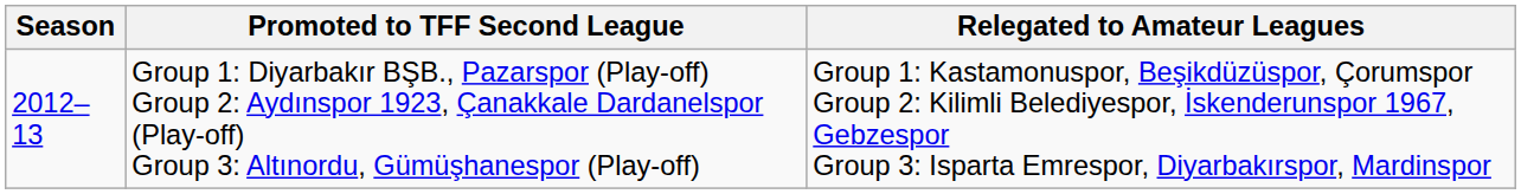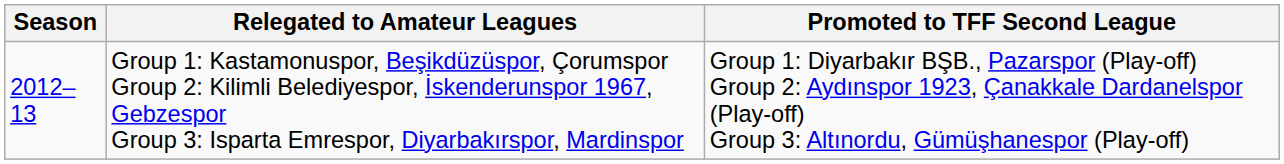 <table class="wikitable">
 <tr>
 <th>Season</th>
+<th>Relegated to Amateur Leagues</th>
 <th>Promoted to TFF Second League</th>
-<th>Relegated to Amateur Leagues</th>
 </tr>
 <tr>
 <td><a href='#'>2012–13</a></td>
+<td>Group 1: Kastamonuspor, <a href='#'>Beşikdüzüspor</a>, Çorumspor<br>Group 2: Kilimli Belediyespor, <a href='#'>İskenderunspor 1967</a>, <a href='#'>Gebzespor</a><br>Group 3: Isparta Emrespor, <a href='#'>Diyarbakırspor</a>, <a href='#'>Mardinspor</a></td>
 <td>Group 1: Diyarbakır BŞB.,  <a href='#'>Pazarspor</a> (Play-off) <br>Group 2: <a href='#'>Aydınspor 1923</a>, <a href='#'>Çanakkale Dardanelspor</a> (Play-off)<br>Group 3: <a href='#'>Altınordu</a>, <a href='#'>Gümüşhanespor</a> (Play-off)</td>
-<td>Group 1: Kastamonuspor, <a href='#'>Beşikdüzüspor</a>, Çorumspor<br>Group 2: Kilimli Belediyespor, <a href='#'>İskenderunspor 1967</a>, <a href='#'>Gebzespor</a><br>Group 3: Isparta Emrespor, <a href='#'>Diyarbakırspor</a>, <a href='#'>Mardinspor</a></td>
 </tr>
 </table>
